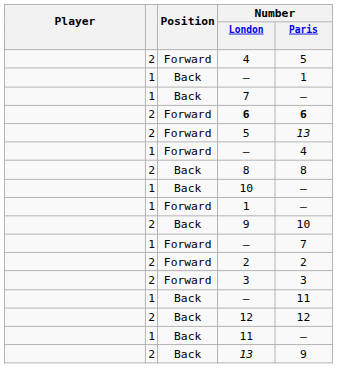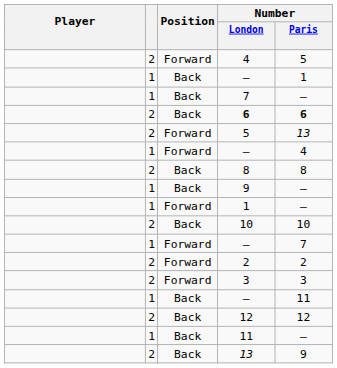 <table class="wikitable sortable" style="text-align:center;">
 <tr>
 <th rowspan=2 style="border-bottom:0px; width:12em;">Player</th>
 <th rowspan=2 style="border-bottom:0px;"></th>
 <th rowspan=2 style="border-bottom:0px;">Position</th>
 <th colspan=2 style="padding:2px;">Number</th>
 </tr>
 <tr>
 <th style="vertical-align:top;width:5.5em;border-bottom:1px solid transparent;padding:2px;font-size:85%;"><a href='#'>London</a></th>
 <th style="vertical-align:top;width:5.5em;border-bottom:1px solid transparent;padding:2px;font-size:85%;"><a href='#'>Paris</a></th>
 </tr>
 <tr style="line-height:8px;">
 <th style="border-top:1px solid transparent;"></th>
 <th style="border-top:1px solid transparent;"> </th>
 <th style="border-top:1px solid transparent;"> </th>
 <th data-sort-type="number" style="border-top:0px;"></th>
 <th data-sort-type="number" style="border-top:0px;"></th>
 </tr>
 <tr>
 <td align=left></td>
 <td>2</td>
 <td>Forward</td>
 <td>4</td>
 <td>5</td>
 </tr>
 <tr>
 <td align=left></td>
 <td>1</td>
 <td>Back</td>
 <td>–</td>
 <td>1</td>
 </tr>
 <tr>
 <td align=left></td>
 <td>1</td>
 <td>Back</td>
 <td>7</td>
 <td>–</td>
 </tr>
 <tr>
 <td align=left></td>
 <td>2</td>
-<td>Forward</td>
+<td>Back</td>
 <td><strong>6</strong></td>
 <td><strong>6</strong></td>
 </tr>
 <tr>
 <td align=left></td>
 <td>2</td>
 <td>Forward</td>
 <td>5</td>
 <td><em>13</em></td>
 </tr>
 <tr>
 <td align=left></td>
 <td>1</td>
 <td>Forward</td>
 <td>–</td>
 <td>4</td>
 </tr>
 <tr>
 <td align=left></td>
 <td>2</td>
 <td>Back</td>
 <td>8</td>
 <td>8</td>
 </tr>
 <tr>
 <td align=left></td>
 <td>1</td>
 <td>Back</td>
-<td>10</td>
+<td>9</td>
 <td>–</td>
 </tr>
 <tr>
 <td align=left></td>
 <td>1</td>
 <td>Forward</td>
 <td>1</td>
 <td>–</td>
 </tr>
 <tr>
 <td align=left></td>
 <td>2</td>
 <td>Back</td>
-<td>9</td>
+<td>10</td>
 <td>10</td>
 </tr>
 <tr>
 <td align=left></td>
 <td>1</td>
 <td>Forward</td>
 <td>–</td>
 <td>7</td>
 </tr>
 <tr>
 <td align=left></td>
 <td>2</td>
 <td>Forward</td>
 <td>2</td>
 <td>2</td>
 </tr>
 <tr>
 <td align=left></td>
 <td>2</td>
 <td>Forward</td>
 <td>3</td>
 <td>3</td>
 </tr>
 <tr>
 <td align=left></td>
 <td>1</td>
 <td>Back</td>
 <td>–</td>
 <td>11</td>
 </tr>
 <tr>
 <td align=left></td>
 <td>2</td>
 <td>Back</td>
 <td>12</td>
 <td>12</td>
 </tr>
 <tr>
 <td align=left></td>
 <td>1</td>
 <td>Back</td>
 <td>11</td>
 <td>–</td>
 </tr>
 <tr>
 <td align=left></td>
 <td>2</td>
 <td>Back</td>
 <td><em>13</em></td>
 <td>9</td>
 </tr>
 </table>
